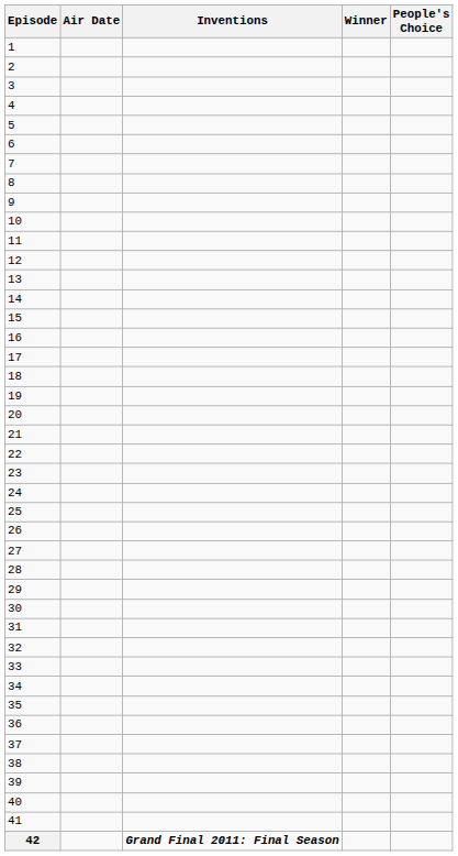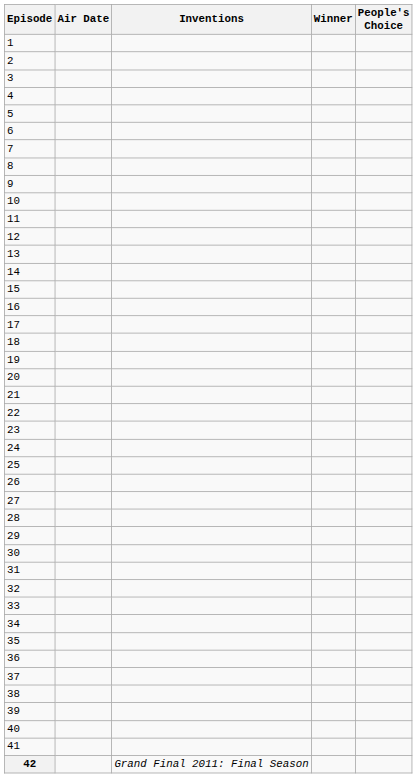 <table class="wikitable">
 <tr>
 <th>Episode</th>
 <th>Air Date</th>
 <th>Inventions</th>
 <th>Winner</th>
 <th>People's<br>Choice</th>
 </tr>
 <tr>
 <td>1</td>
 <td></td>
 <td></td>
 <td></td>
 <td></td>
 </tr>
 <tr>
 <td>2</td>
 <td></td>
 <td></td>
 <td></td>
 <td></td>
 </tr>
 <tr>
 <td>3</td>
 <td></td>
 <td></td>
 <td></td>
 <td></td>
 </tr>
 <tr>
 <td>4</td>
 <td></td>
 <td></td>
 <td></td>
 <td></td>
 </tr>
 <tr>
 <td>5</td>
 <td></td>
 <td></td>
 <td></td>
 <td></td>
 </tr>
 <tr>
 <td>6</td>
 <td></td>
 <td></td>
 <td></td>
 <td></td>
 </tr>
 <tr>
 <td>7</td>
 <td></td>
 <td></td>
 <td></td>
 <td></td>
 </tr>
 <tr>
 <td>8</td>
 <td></td>
 <td></td>
 <td></td>
 <td></td>
 </tr>
 <tr>
 <td>9</td>
 <td></td>
 <td></td>
 <td></td>
 <td></td>
 </tr>
 <tr>
 <td>10</td>
 <td></td>
 <td></td>
 <td></td>
 <td></td>
 </tr>
 <tr>
 <td>11</td>
 <td></td>
 <td></td>
 <td></td>
 <td></td>
 </tr>
 <tr>
 <td>12</td>
 <td></td>
 <td></td>
 <td></td>
 <td></td>
 </tr>
 <tr>
 <td>13</td>
 <td></td>
 <td></td>
 <td></td>
 <td></td>
 </tr>
 <tr>
 <td>14</td>
 <td></td>
 <td></td>
 <td></td>
 <td></td>
 </tr>
 <tr>
 <td>15</td>
 <td></td>
 <td></td>
 <td></td>
 <td></td>
 </tr>
 <tr>
 <td>16</td>
 <td></td>
 <td></td>
 <td></td>
 <td></td>
 </tr>
 <tr>
 <td>17</td>
 <td></td>
 <td></td>
 <td></td>
 <td></td>
 </tr>
 <tr>
 <td>18</td>
 <td></td>
 <td></td>
 <td></td>
 <td></td>
 </tr>
 <tr>
 <td>19</td>
 <td></td>
 <td></td>
 <td></td>
 <td></td>
 </tr>
 <tr>
 <td>20</td>
 <td></td>
 <td></td>
 <td></td>
 <td></td>
 </tr>
 <tr>
 <td>21</td>
 <td></td>
 <td></td>
 <td></td>
 <td></td>
 </tr>
 <tr>
 <td>22</td>
 <td></td>
 <td></td>
 <td></td>
 <td></td>
 </tr>
 <tr>
 <td>23</td>
 <td></td>
 <td></td>
 <td></td>
 <td></td>
 </tr>
 <tr>
 <td>24</td>
 <td></td>
 <td></td>
 <td></td>
 <td></td>
 </tr>
 <tr>
 <td>25</td>
 <td></td>
 <td></td>
 <td></td>
 <td></td>
 </tr>
 <tr>
 <td>26</td>
 <td></td>
 <td></td>
 <td></td>
 <td></td>
 </tr>
 <tr>
 <td>27</td>
 <td></td>
 <td></td>
 <td></td>
 <td></td>
 </tr>
 <tr>
 <td>28</td>
 <td></td>
 <td></td>
 <td></td>
 <td></td>
 </tr>
 <tr>
 <td>29</td>
 <td></td>
 <td></td>
 <td></td>
 <td></td>
 </tr>
 <tr>
 <td>30</td>
 <td></td>
 <td></td>
 <td></td>
 <td></td>
 </tr>
 <tr>
 <td>31</td>
 <td></td>
 <td></td>
 <td></td>
 <td></td>
 </tr>
 <tr>
 <td>32</td>
 <td></td>
 <td></td>
 <td></td>
 <td></td>
 </tr>
 <tr>
 <td>33</td>
 <td></td>
 <td></td>
 <td></td>
 <td></td>
 </tr>
 <tr>
 <td>34</td>
 <td></td>
 <td></td>
 <td></td>
 <td></td>
 </tr>
 <tr>
 <td>35</td>
 <td></td>
 <td></td>
 <td></td>
 <td></td>
 </tr>
 <tr>
 <td>36</td>
 <td></td>
 <td></td>
 <td></td>
 <td></td>
 </tr>
 <tr>
 <td>37</td>
 <td></td>
 <td></td>
 <td></td>
 <td></td>
 </tr>
 <tr>
 <td>38</td>
 <td></td>
 <td></td>
 <td></td>
 <td></td>
 </tr>
 <tr>
 <td>39</td>
 <td></td>
 <td></td>
 <td></td>
 <td></td>
 </tr>
 <tr>
 <td>40</td>
 <td></td>
 <td></td>
 <td></td>
 <td></td>
 </tr>
 <tr>
 <td>41</td>
 <td></td>
 <td></td>
 <td></td>
 <td></td>
 </tr>
 <tr>
 <th scope=row rowspan=1>42</th>
 <td rowspan=1></td>
-<td><strong><em>Grand Final 2011: Final Season</em></strong></td>
+<td><em>Grand Final 2011: Final Season</em></td>
 <td></td>
 <td></td>
 </tr>
 </table>
